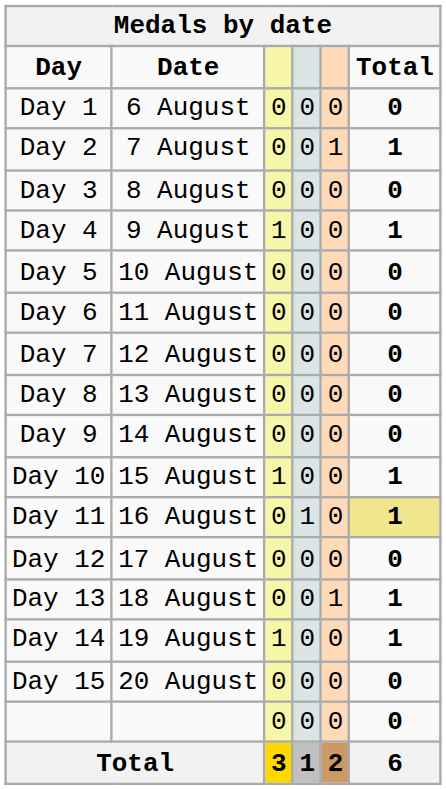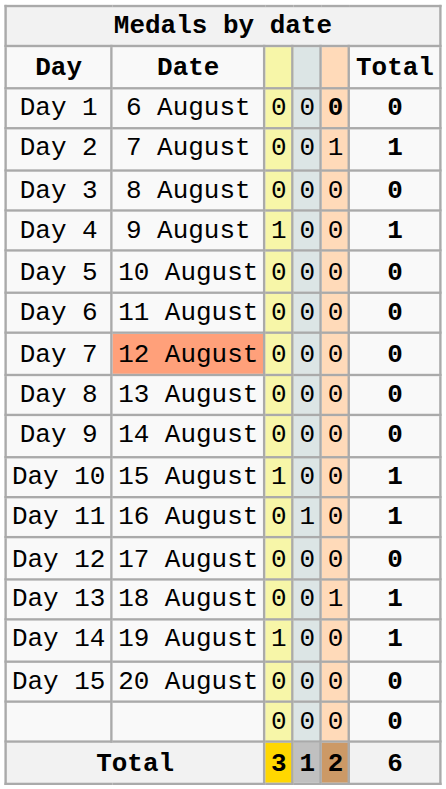 <table class=wikitable style="font-size:85%; float:right;">
 <tr bgcolor=efefef>
 <th colspan=6>Medals by date</th>
 </tr>
 <tr align=center>
 <td><strong>Day</strong></td>
 <td><strong>Date</strong></td>
 <td bgcolor=#f7f6a8></td>
 <td bgcolor=#dce5e5></td>
 <td bgcolor=#ffdab9></td>
 <td><strong>Total</strong></td>
 </tr>
 <tr align=center>
 <td>Day 1</td>
 <td>6 August</td>
 <td bgcolor=F7F6A8>0</td>
 <td bgcolor=DCE5E5>0</td>
-<td bgcolor=FFDAB9>0</td>
+<td bgcolor=FFDAB9><strong>0</strong></td>
 <td><strong>0</strong></td>
 </tr>
 <tr align=center>
 <td>Day 2</td>
 <td>7 August</td>
 <td bgcolor=F7F6A8>0</td>
 <td bgcolor=DCE5E5>0</td>
 <td bgcolor=FFDAB9>1</td>
 <td><strong>1</strong></td>
 </tr>
 <tr align=center>
 <td>Day 3</td>
 <td>8 August</td>
 <td bgcolor=F7F6A8>0</td>
 <td bgcolor=DCE5E5>0</td>
 <td bgcolor=FFDAB9>0</td>
 <td><strong>0</strong></td>
 </tr>
 <tr align=center>
 <td>Day 4</td>
 <td>9 August</td>
 <td bgcolor=F7F6A8>1</td>
 <td bgcolor=DCE5E5>0</td>
 <td bgcolor=FFDAB9>0</td>
 <td><strong>1</strong></td>
 </tr>
 <tr align=center>
 <td>Day 5</td>
 <td>10 August</td>
 <td bgcolor=F7F6A8>0</td>
 <td bgcolor=DCE5E5>0</td>
 <td bgcolor=FFDAB9>0</td>
 <td><strong>0</strong></td>
 </tr>
 <tr align=center>
 <td>Day 6</td>
 <td>11 August</td>
 <td bgcolor=F7F6A8>0</td>
 <td bgcolor=DCE5E5>0</td>
 <td bgcolor=FFDAB9>0</td>
 <td><strong>0</strong></td>
 </tr>
 <tr align=center>
 <td>Day 7</td>
-<td>12 August</td>
+<td style="background: lightsalmon;">12 August</td>
 <td bgcolor=F7F6A8>0</td>
 <td bgcolor=DCE5E5>0</td>
 <td bgcolor=FFDAB9>0</td>
 <td><strong>0</strong></td>
 </tr>
 <tr align=center>
 <td>Day 8</td>
 <td>13 August</td>
 <td bgcolor=F7F6A8>0</td>
 <td bgcolor=DCE5E5>0</td>
 <td bgcolor=FFDAB9>0</td>
 <td><strong>0</strong></td>
 </tr>
 <tr align=center>
 <td>Day 9</td>
 <td>14 August</td>
 <td bgcolor=F7F6A8>0</td>
 <td bgcolor=DCE5E5>0</td>
 <td bgcolor=FFDAB9>0</td>
 <td><strong>0</strong></td>
 </tr>
 <tr align=center>
 <td>Day 10</td>
 <td>15 August</td>
 <td bgcolor=F7F6A8>1</td>
 <td bgcolor=DCE5E5>0</td>
 <td bgcolor=FFDAB9>0</td>
 <td><strong>1</strong></td>
 </tr>
 <tr align=center>
 <td>Day 11</td>
 <td>16 August</td>
 <td bgcolor=F7F6A8>0</td>
 <td bgcolor=DCE5E5>1</td>
 <td bgcolor=FFDAB9>0</td>
-<td style="background: khaki;"><strong>1</strong></td>
+<td><strong>1</strong></td>
 </tr>
 <tr align=center>
 <td>Day 12</td>
 <td>17 August</td>
 <td bgcolor=F7F6A8>0</td>
 <td bgcolor=DCE5E5>0</td>
 <td bgcolor=FFDAB9>0</td>
 <td><strong>0</strong></td>
 </tr>
 <tr align=center>
 <td>Day 13</td>
 <td>18 August</td>
 <td bgcolor=F7F6A8>0</td>
 <td bgcolor=DCE5E5>0</td>
 <td bgcolor=FFDAB9>1</td>
 <td><strong>1</strong></td>
 </tr>
 <tr align=center>
 <td>Day 14</td>
 <td>19 August</td>
 <td bgcolor=F7F6A8>1</td>
 <td bgcolor=DCE5E5>0</td>
 <td bgcolor=FFDAB9>0</td>
 <td><strong>1</strong></td>
 </tr>
 <tr align=center>
 <td>Day 15</td>
 <td>20 August</td>
 <td bgcolor=F7F6A8>0</td>
 <td bgcolor=DCE5E5>0</td>
 <td bgcolor=FFDAB9>0</td>
 <td><strong>0</strong></td>
 </tr>
 <tr align=center>
 <td></td>
 <td></td>
 <td bgcolor=F7F6A8>0</td>
 <td bgcolor=DCE5E5>0</td>
 <td bgcolor=FFDAB9>0</td>
 <td><strong>0</strong></td>
 </tr>
 <tr>
 <th colspan=2>Total</th>
 <th style="background:gold">3</th>
 <th style="background:silver">1</th>
 <th style="background:#c96">2</th>
 <th>6</th>
 </tr>
 </table>
